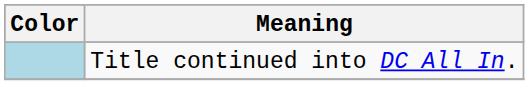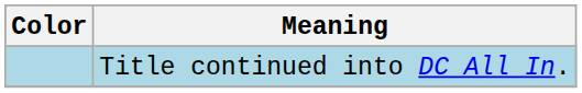 <table class="wikitable">
 <tr>
 <th>Color</th>
 <th>Meaning</th>
 </tr>
 <tr>
 <td bgcolor="lightblue"></td>
-<td>Title continued into <em><a href='#'>DC All In</a></em>.</td>
+<td style="background: lightblue;">Title continued into <em><a href='#'>DC All In</a></em>.</td>
 </tr>
 <tr>
 </tr>
 </table>
